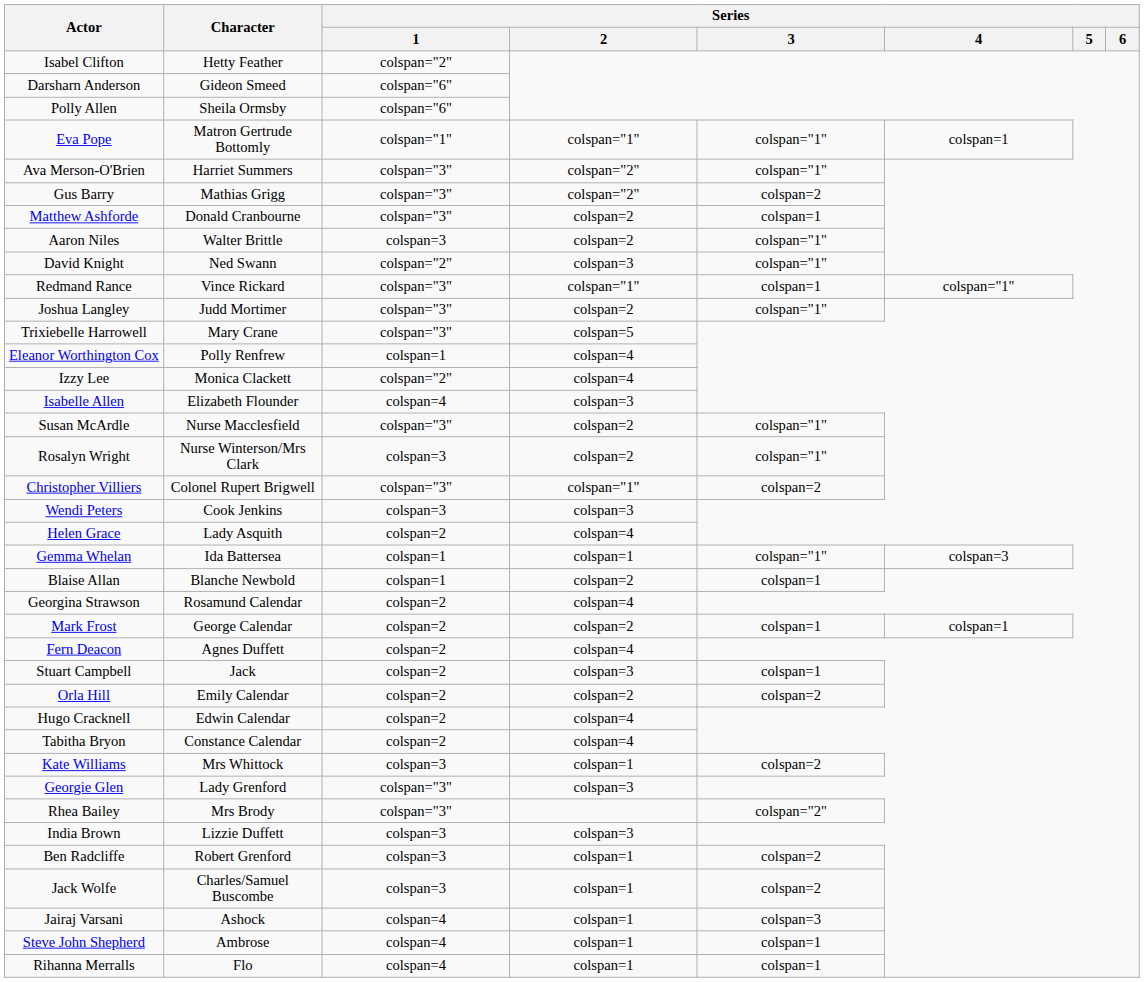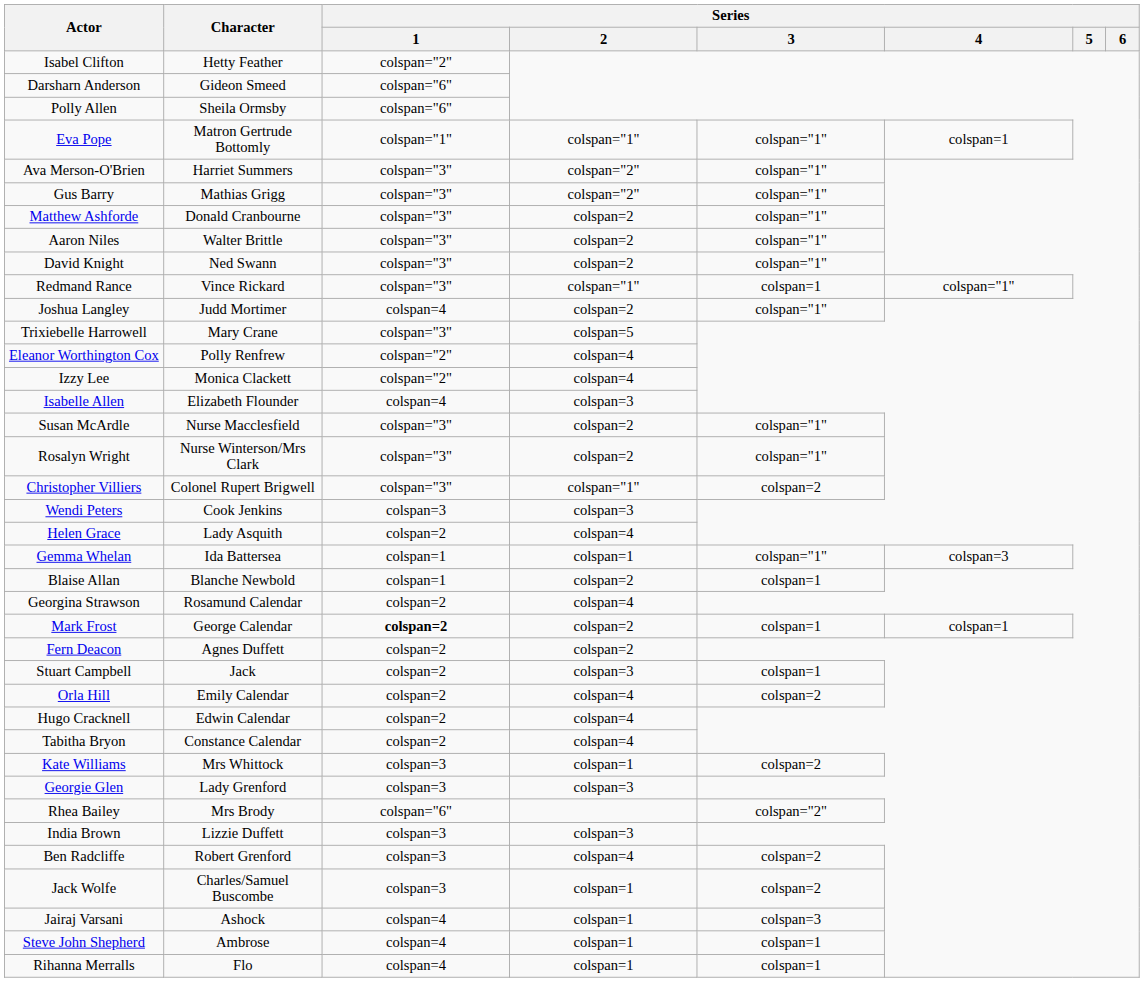 <table class="wikitable plainrowheaders" style="text-align:center">
 <tr>
 <th rowspan="2" width="14%" scope="col">Actor</th>
 <th rowspan="2" width="14%" scope="col">Character</th>
 <th colspan="6">Series</th>
 </tr>
 <tr>
 <th scope="col">1</th>
 <th scope="col">2</th>
 <th scope="col">3</th>
 <th scope="col">4</th>
 <th scope="col">5</th>
 <th scope="col">6</th>
 </tr>
 <tr>
 <td>Isabel Clifton</td>
 <td>Hetty Feather</td>
 <td>colspan="2" </td>
 </tr>
 <tr>
 <td>Darsharn Anderson</td>
 <td>Gideon Smeed</td>
 <td>colspan="6" </td>
 </tr>
 <tr>
 <td>Polly Allen</td>
 <td>Sheila Ormsby</td>
 <td>colspan="6" </td>
 </tr>
 <tr>
 <td><a href='#'>Eva Pope</a></td>
 <td>Matron Gertrude Bottomly</td>
 <td>colspan="1" </td>
 <td>colspan="1" </td>
 <td>colspan="1" </td>
 <td>colspan=1 </td>
 </tr>
 <tr>
 <td>Ava Merson-O'Brien</td>
 <td>Harriet Summers</td>
 <td>colspan="3" </td>
 <td>colspan="2" </td>
 <td>colspan="1" </td>
 </tr>
 <tr>
 <td>Gus Barry</td>
 <td>Mathias Grigg</td>
 <td>colspan="3" </td>
 <td>colspan="2" </td>
-<td>colspan=2 </td>
+<td>colspan="1" </td>
 </tr>
 <tr>
 <td><a href='#'>Matthew Ashforde</a></td>
 <td>Donald Cranbourne</td>
 <td>colspan="3" </td>
 <td>colspan=2 </td>
-<td>colspan=1 </td>
+<td>colspan="1" </td>
 </tr>
 <tr>
 <td>Aaron Niles</td>
 <td>Walter Brittle</td>
-<td>colspan=3 </td>
+<td>colspan="3" </td>
 <td>colspan=2 </td>
 <td>colspan="1" </td>
 </tr>
 <tr>
 <td>David Knight</td>
 <td>Ned Swann</td>
-<td>colspan="2" </td>
-<td>colspan=3 </td>
+<td>colspan="3" </td>
+<td>colspan=2 </td>
 <td>colspan="1" </td>
 </tr>
 <tr>
 <td>Redmand Rance</td>
 <td>Vince Rickard</td>
 <td>colspan="3" </td>
 <td>colspan="1" </td>
 <td>colspan=1 </td>
 <td>colspan="1" </td>
 </tr>
 <tr>
 <td>Joshua Langley</td>
 <td>Judd Mortimer</td>
-<td>colspan="3" </td>
+<td>colspan=4 </td>
 <td>colspan=2 </td>
 <td>colspan="1" </td>
 </tr>
 <tr>
 <td>Trixiebelle Harrowell</td>
 <td>Mary Crane</td>
 <td>colspan="3" </td>
 <td>colspan=5 </td>
 </tr>
 <tr>
 <td><a href='#'>Eleanor Worthington Cox</a></td>
 <td>Polly Renfrew</td>
-<td>colspan=1 </td>
+<td>colspan="2" </td>
 <td>colspan=4 </td>
 </tr>
 <tr>
 <td>Izzy Lee</td>
 <td>Monica Clackett</td>
 <td>colspan="2" </td>
 <td>colspan=4 </td>
 </tr>
 <tr>
 <td><a href='#'>Isabelle Allen</a></td>
 <td>Elizabeth Flounder</td>
 <td>colspan=4 </td>
 <td>colspan=3 </td>
 </tr>
 <tr>
 <td>Susan McArdle</td>
 <td>Nurse Macclesfield</td>
 <td>colspan="3" </td>
 <td>colspan=2 </td>
 <td>colspan="1" </td>
 </tr>
 <tr>
 <td>Rosalyn Wright</td>
 <td>Nurse Winterson/Mrs Clark</td>
-<td>colspan=3 </td>
+<td>colspan="3" </td>
 <td>colspan=2 </td>
 <td>colspan="1" </td>
 </tr>
 <tr>
 <td><a href='#'>Christopher Villiers</a></td>
 <td>Colonel Rupert Brigwell</td>
 <td>colspan="3" </td>
 <td>colspan="1" </td>
 <td>colspan=2 </td>
 </tr>
 <tr>
 <td><a href='#'>Wendi Peters</a></td>
 <td>Cook Jenkins</td>
 <td>colspan=3 </td>
 <td>colspan=3 </td>
 </tr>
 <tr>
 <td><a href='#'>Helen Grace</a></td>
 <td>Lady Asquith</td>
 <td>colspan=2 </td>
 <td>colspan=4 </td>
 </tr>
 <tr>
 <td><a href='#'>Gemma Whelan</a></td>
 <td>Ida Battersea</td>
 <td>colspan=1 </td>
 <td>colspan=1 </td>
 <td>colspan="1" </td>
 <td>colspan=3 </td>
 </tr>
 <tr>
 <td>Blaise Allan</td>
 <td>Blanche Newbold</td>
 <td>colspan=1 </td>
 <td>colspan=2 </td>
 <td>colspan=1 </td>
 </tr>
 <tr>
 <td>Georgina Strawson</td>
 <td>Rosamund Calendar</td>
 <td>colspan=2 </td>
 <td>colspan=4 </td>
 </tr>
 <tr>
 <td><a href='#'>Mark Frost</a></td>
 <td>George Calendar</td>
-<td>colspan=2 </td>
+<td><strong>colspan=2 </strong></td>
 <td>colspan=2 </td>
 <td>colspan=1 </td>
 <td>colspan=1 </td>
 </tr>
 <tr>
 <td><a href='#'>Fern Deacon</a></td>
 <td>Agnes Duffett</td>
 <td>colspan=2 </td>
-<td>colspan=4 </td>
+<td>colspan=2 </td>
 </tr>
 <tr>
 <td>Stuart Campbell</td>
 <td>Jack</td>
 <td>colspan=2 </td>
 <td>colspan=3 </td>
 <td>colspan=1 </td>
 </tr>
 <tr>
 <td><a href='#'>Orla Hill</a></td>
 <td>Emily Calendar</td>
 <td>colspan=2 </td>
-<td>colspan=2 </td>
+<td>colspan=4 </td>
 <td>colspan=2 </td>
 </tr>
 <tr>
 <td>Hugo Cracknell</td>
 <td>Edwin Calendar</td>
 <td>colspan=2 </td>
 <td>colspan=4 </td>
 </tr>
 <tr>
 <td>Tabitha Bryon</td>
 <td>Constance Calendar</td>
 <td>colspan=2 </td>
 <td>colspan=4 </td>
 </tr>
 <tr>
 <td><a href='#'>Kate Williams</a></td>
 <td>Mrs Whittock</td>
 <td>colspan=3 </td>
 <td>colspan=1 </td>
 <td>colspan=2 </td>
 </tr>
 <tr>
 <td><a href='#'>Georgie Glen</a></td>
 <td>Lady Grenford</td>
-<td>colspan="3" </td>
+<td>colspan=3 </td>
 <td>colspan=3 </td>
 </tr>
 <tr>
 <td>Rhea Bailey</td>
 <td>Mrs Brody</td>
-<td>colspan="3" </td>
+<td>colspan="6" </td>
 <td></td>
 <td>colspan="2" </td>
 </tr>
 <tr>
 <td>India Brown</td>
 <td>Lizzie Duffett</td>
 <td>colspan=3 </td>
 <td>colspan=3 </td>
 </tr>
 <tr>
 <td>Ben Radcliffe</td>
 <td>Robert Grenford</td>
 <td>colspan=3 </td>
-<td>colspan=1 </td>
+<td>colspan=4 </td>
 <td>colspan=2 </td>
 </tr>
 <tr>
 <td>Jack Wolfe</td>
 <td>Charles/Samuel Buscombe</td>
 <td>colspan=3 </td>
 <td>colspan=1 </td>
 <td>colspan=2 </td>
 </tr>
 <tr>
 <td>Jairaj Varsani</td>
 <td>Ashock</td>
 <td>colspan=4 </td>
 <td>colspan=1 </td>
 <td>colspan=3 </td>
 </tr>
 <tr>
 <td><a href='#'>Steve John Shepherd</a></td>
 <td>Ambrose</td>
 <td>colspan=4 </td>
 <td>colspan=1 </td>
 <td>colspan=1 </td>
 </tr>
 <tr>
 <td>Rihanna Merralls</td>
 <td>Flo</td>
 <td>colspan=4 </td>
 <td>colspan=1 </td>
 <td>colspan=1 </td>
 </tr>
 </table>
